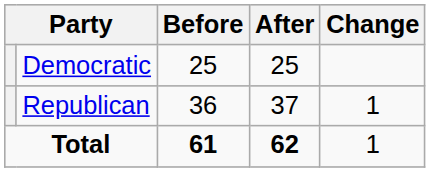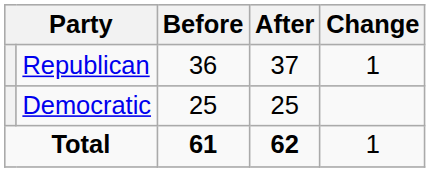 <table class="wikitable" style="text-align:center;">
 <tr>
 <th colspan="2">Party</th>
 <th>Before</th>
 <th>After</th>
 <th>Change</th>
 </tr>
 <tr>
 <th style="background-color:"></th>
+<td style="text-align:left;"><a href='#'>Republican</a></td>
+<td>36</td>
+<td>37</td>
+<td> 1</td>
+</tr>
+<tr>
+<th style="background-color:"></th>
 <td style="text-align:left;"><a href='#'>Democratic</a></td>
 <td>25</td>
 <td>25</td>
 <td></td>
-</tr>
-<tr>
-<th style="background-color:"></th>
-<td style="text-align:left;"><a href='#'>Republican</a></td>
-<td>36</td>
-<td>37</td>
-<td> 1</td>
 </tr>
 <tr>
 <td colspan="2"><strong>Total</strong></td>
 <td><strong>61</strong></td>
 <td><strong>62</strong></td>
 <td> 1</td>
 </tr>
 </table>
